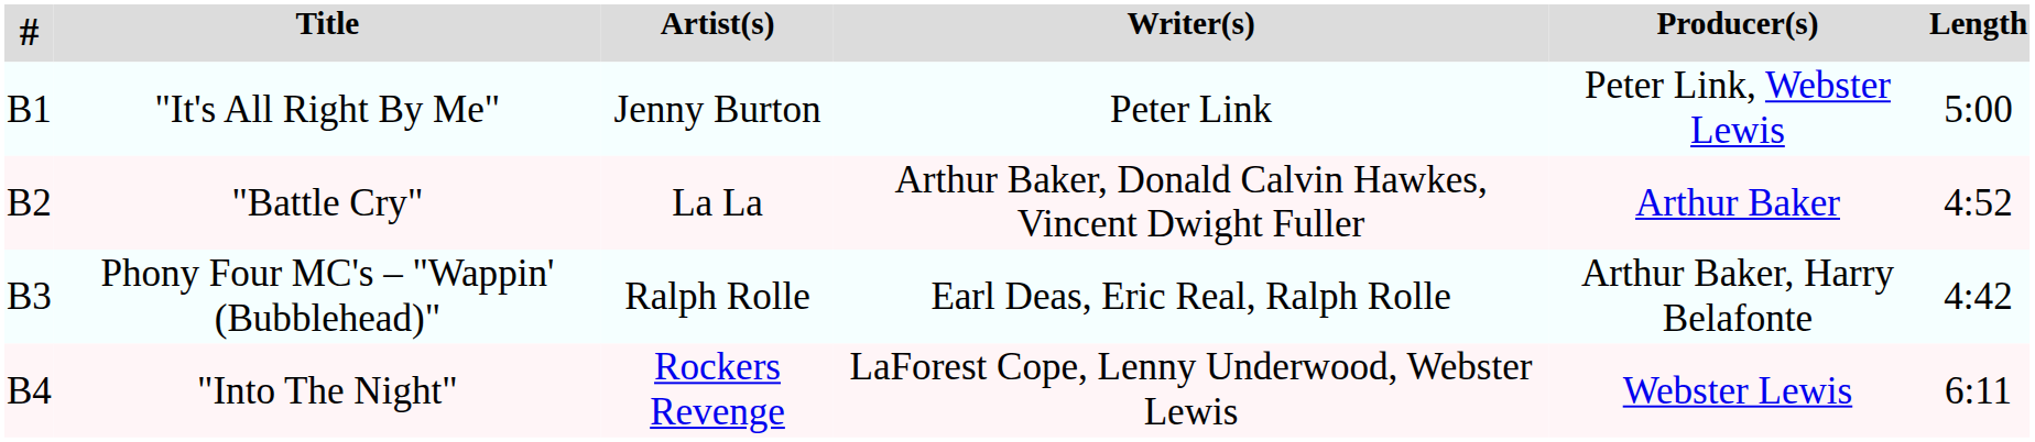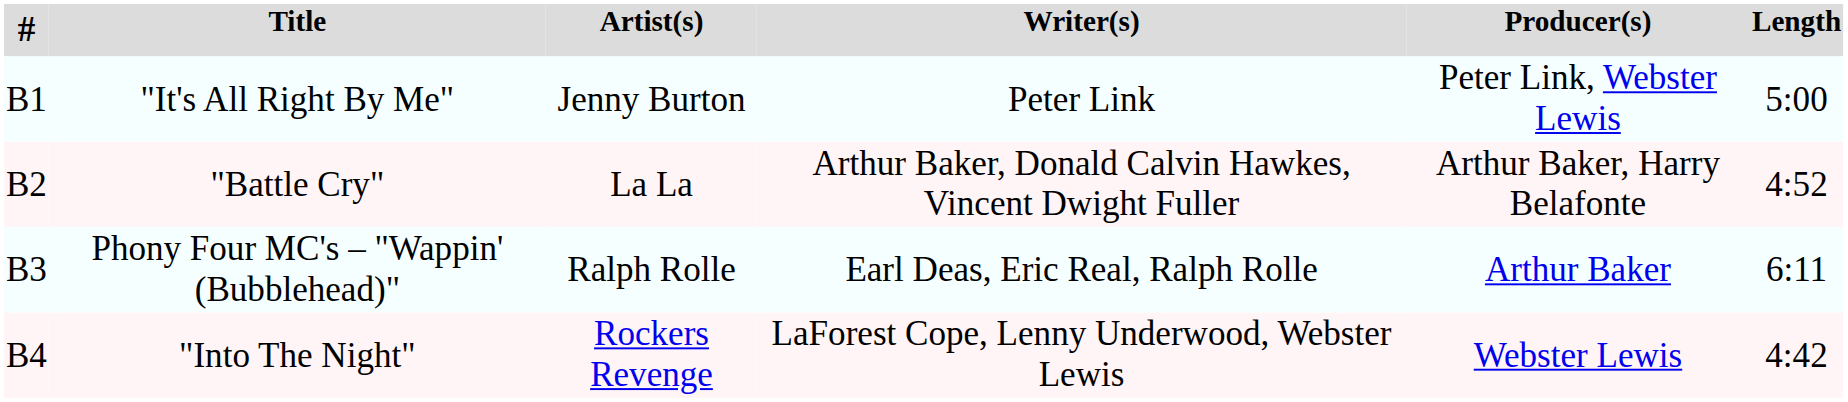 <table bgcolor="white" cellpadding="1" cellspacing="0" border="0" style="font-size: 113%; border: white solid 0px; border-collapse: collapse;" width="75%">
 <tr bgcolor="gainsboro">
 <th>#</th>
 <th><sup>Title</sup></th>
 <th><sup>Artist(s)</sup></th>
 <th><sup>Writer(s)</sup></th>
 <th><sup>Producer(s)</sup></th>
 <th><sup>Length</sup></th>
 </tr>
 <tr style="background: #F5FFFF; color: black;">
 <td align="center">B1</td>
 <td align="center">"It's All Right By Me"</td>
 <td align="center">Jenny Burton</td>
 <td align="center">Peter Link</td>
 <td align="center">Peter Link, <a href='#'>Webster Lewis</a></td>
 <td align="center">5:00</td>
 </tr>
 <tr style="background: #FFF5F7; color: black;">
 <td align="center">B2</td>
 <td align="center">"Battle Cry"</td>
 <td align="center">La La</td>
 <td align="center">Arthur Baker, Donald Calvin Hawkes, Vincent Dwight Fuller</td>
-<td align="center"><a href='#'>Arthur Baker</a></td>
+<td align="center">Arthur Baker, Harry Belafonte</td>
 <td align="center">4:52</td>
 </tr>
 <tr style="background: #F5FFFF; color: black;">
 <td align="center">B3</td>
 <td align="center">Phony Four MC's – "Wappin' (Bubblehead)"</td>
 <td align="center">Ralph Rolle</td>
 <td align="center">Earl Deas, Eric Real, Ralph Rolle</td>
-<td align="center">Arthur Baker, Harry Belafonte</td>
-<td align="center">4:42</td>
+<td align="center"><a href='#'>Arthur Baker</a></td>
+<td align="center">6:11</td>
 </tr>
 <tr style="background: #FFF5F7; color: black;">
 <td align="center">B4</td>
 <td align="center">"Into The Night"</td>
 <td align="center"><a href='#'>Rockers Revenge</a></td>
 <td align="center">LaForest Cope, Lenny Underwood, Webster Lewis</td>
 <td align="center"><a href='#'>Webster Lewis</a></td>
-<td align="center">6:11</td>
+<td align="center">4:42</td>
 </tr>
 </table>
